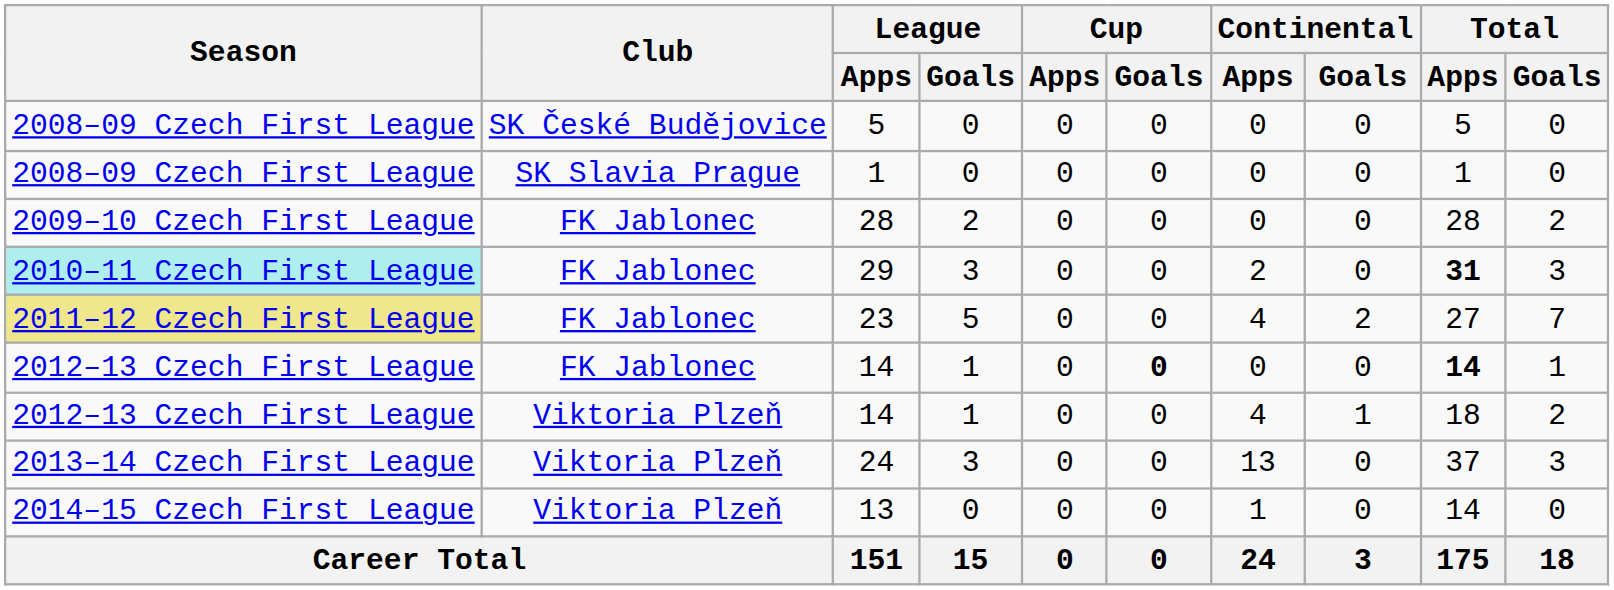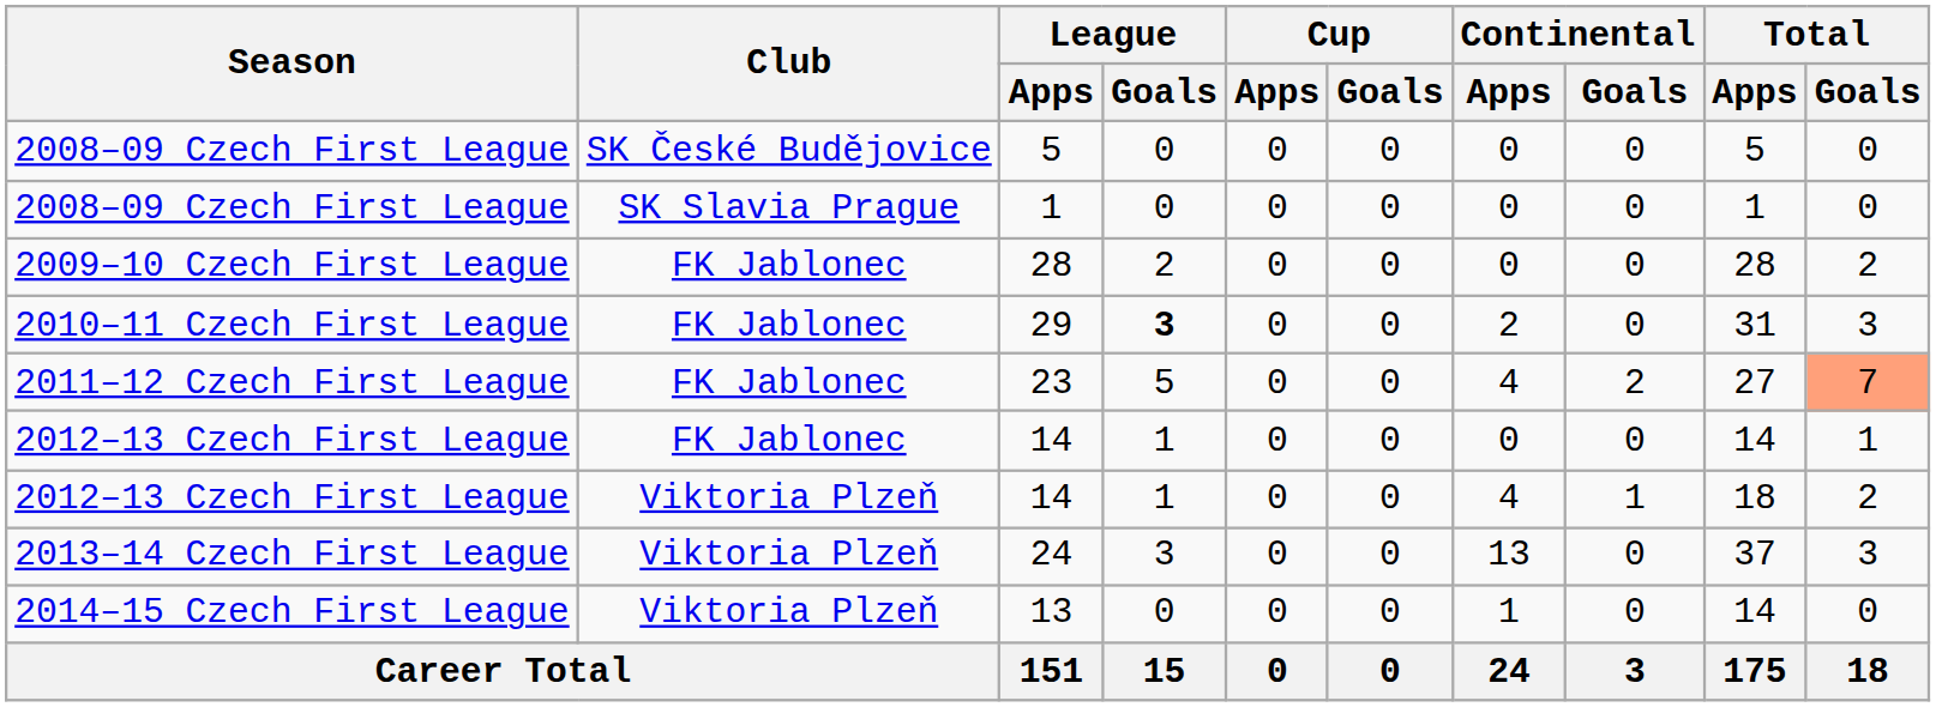 <table class="wikitable" style="text-align: center;">
 <tr>
 <th rowspan="2">Season</th>
 <th rowspan="2">Club</th>
 <th colspan="2">League</th>
 <th colspan="2">Cup</th>
 <th colspan="2">Continental</th>
 <th colspan="2">Total</th>
 </tr>
 <tr>
 <th>Apps</th>
 <th>Goals</th>
 <th>Apps</th>
 <th>Goals</th>
 <th>Apps</th>
 <th>Goals</th>
 <th>Apps</th>
 <th>Goals</th>
 </tr>
 <tr>
 <td><a href='#'>2008–09 Czech First League</a></td>
 <td><a href='#'>SK České Budějovice</a></td>
 <td>5</td>
 <td>0</td>
 <td>0</td>
 <td>0</td>
 <td>0</td>
 <td>0</td>
 <td>5</td>
 <td>0</td>
 </tr>
 <tr>
 <td><a href='#'>2008–09 Czech First League</a></td>
 <td><a href='#'>SK Slavia Prague</a></td>
 <td>1</td>
 <td>0</td>
 <td>0</td>
 <td>0</td>
 <td>0</td>
 <td>0</td>
 <td>1</td>
 <td>0</td>
 </tr>
 <tr>
 <td><a href='#'>2009–10 Czech First League</a></td>
 <td><a href='#'>FK Jablonec</a></td>
 <td>28</td>
 <td>2</td>
 <td>0</td>
 <td>0</td>
 <td>0</td>
 <td>0</td>
 <td>28</td>
 <td>2</td>
 </tr>
 <tr>
-<td style="background: paleturquoise;"><a href='#'>2010–11 Czech First League</a></td>
+<td><a href='#'>2010–11 Czech First League</a></td>
 <td><a href='#'>FK Jablonec</a></td>
 <td>29</td>
-<td>3</td>
+<td><strong>3</strong></td>
 <td>0</td>
 <td>0</td>
 <td>2</td>
 <td>0</td>
-<td><strong>31</strong></td>
+<td>31</td>
 <td>3</td>
 </tr>
 <tr>
-<td style="background: khaki;"><a href='#'>2011–12 Czech First League</a></td>
+<td><a href='#'>2011–12 Czech First League</a></td>
 <td><a href='#'>FK Jablonec</a></td>
 <td>23</td>
 <td>5</td>
 <td>0</td>
 <td>0</td>
 <td>4</td>
 <td>2</td>
 <td>27</td>
-<td>7</td>
+<td style="background: lightsalmon;">7</td>
 </tr>
 <tr>
 <td><a href='#'>2012–13 Czech First League</a></td>
 <td><a href='#'>FK Jablonec</a></td>
 <td>14</td>
 <td>1</td>
 <td>0</td>
-<td><strong>0</strong></td>
 <td>0</td>
 <td>0</td>
-<td><strong>14</strong></td>
+<td>0</td>
+<td>14</td>
 <td>1</td>
 </tr>
 <tr>
 <td><a href='#'>2012–13 Czech First League</a></td>
 <td><a href='#'>Viktoria Plzeň</a></td>
 <td>14</td>
 <td>1</td>
 <td>0</td>
 <td>0</td>
 <td>4</td>
 <td>1</td>
 <td>18</td>
 <td>2</td>
 </tr>
 <tr>
 <td><a href='#'>2013–14 Czech First League</a></td>
 <td><a href='#'>Viktoria Plzeň</a></td>
 <td>24</td>
 <td>3</td>
 <td>0</td>
 <td>0</td>
 <td>13</td>
 <td>0</td>
 <td>37</td>
 <td>3</td>
 </tr>
 <tr>
 <td><a href='#'>2014–15 Czech First League</a></td>
 <td><a href='#'>Viktoria Plzeň</a></td>
 <td>13</td>
 <td>0</td>
 <td>0</td>
 <td>0</td>
 <td>1</td>
 <td>0</td>
 <td>14</td>
 <td>0</td>
 </tr>
 <tr>
 <th colspan="2.5">Career Total</th>
 <th>151</th>
 <th>15</th>
 <th>0</th>
 <th>0</th>
 <th>24</th>
 <th>3</th>
 <th>175</th>
 <th>18</th>
 </tr>
 </table>
